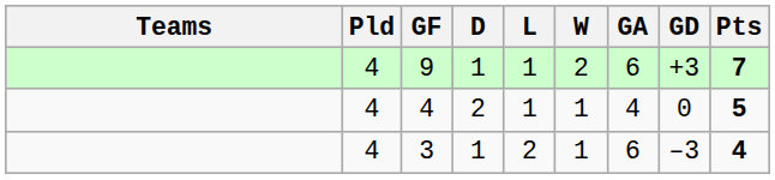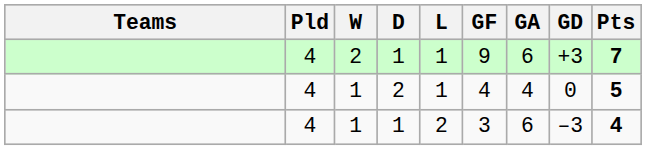 <table class="wikitable" style="text-align: center;">
 <tr>
 <th width=165>Teams</th>
 <th width=20>Pld</th>
-<th width=20>GF</th>
+<th width=20>W</th>
 <th width=20>D</th>
 <th width=20>L</th>
-<th width=20>W</th>
+<th width=20>GF</th>
 <th width=20>GA</th>
 <th width=20>GD</th>
 <th width=20>Pts</th>
 </tr>
 <tr align=center style="background:#ccffcc;">
 <td style="text-align:left;"></td>
 <td>4</td>
-<td>9</td>
+<td>2</td>
 <td>1</td>
 <td>1</td>
-<td>2</td>
+<td>9</td>
 <td>6</td>
 <td>+3</td>
 <td><strong>7</strong></td>
 </tr>
 <tr align=center>
 <td style="text-align:left;"></td>
 <td>4</td>
-<td>4</td>
+<td>1</td>
 <td>2</td>
 <td>1</td>
-<td>1</td>
+<td>4</td>
 <td>4</td>
 <td>0</td>
 <td><strong>5</strong></td>
 </tr>
 <tr align=center>
 <td style="text-align:left;"></td>
 <td>4</td>
-<td>3</td>
+<td>1</td>
 <td>1</td>
 <td>2</td>
-<td>1</td>
+<td>3</td>
 <td>6</td>
 <td>–3</td>
 <td><strong>4</strong></td>
 </tr>
 </table>
